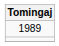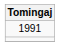 <table class="wikitable" style="margin: 0.5em auto; text-align: center;">
 <tr>
 <th colspan="1">Tomingaj</th>
 </tr>
 <tr>
-<td>1989</td>
+<td>1991</td>
 </tr>
 <tr>
 <td></td>
 </tr>
 <tr>
 </tr>
 </table>
